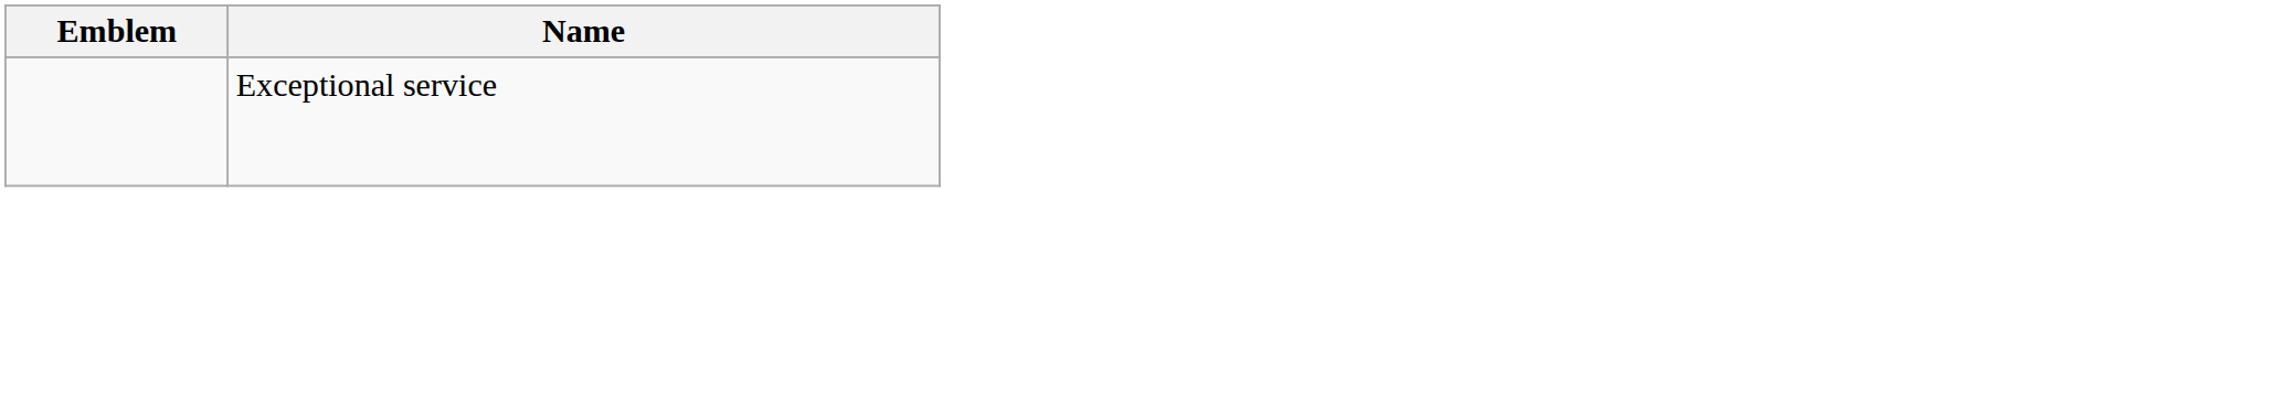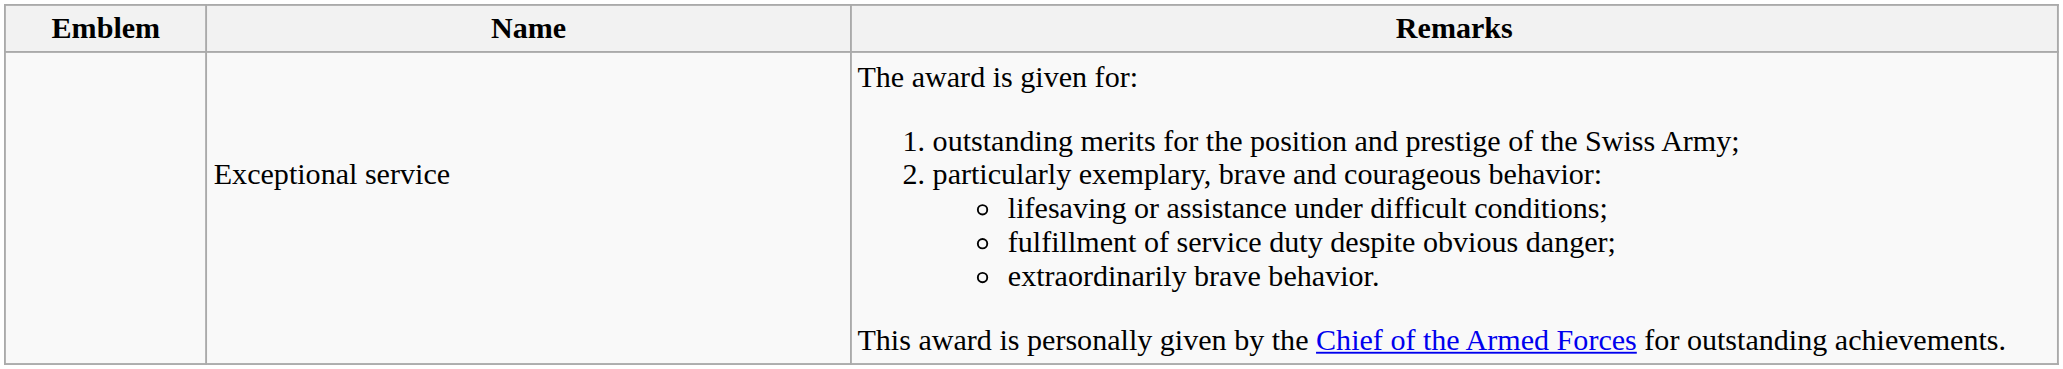 <table class="wikitable">
 <tr>
 <th style="width:100px;">Emblem</th>
 <th style="width:335px;">Name</th>
+<th style="width:635px;">Remarks</th>
 </tr>
 <tr>
 <td></td>
 <td>Exceptional service<br><br><br></td>
+<td>The award is given for:<br><ol><li>outstanding merits for the position and prestige of the Swiss Army;</li><li>particularly exemplary, brave and courageous behavior:<ul><li>lifesaving or assistance under difficult conditions;</li><li>fulfillment of service duty despite obvious danger;</li><li>extraordinarily brave behavior.</li></ul></li></ol>This award is personally given by the <a href='#'>Chief of the Armed Forces</a> for outstanding achievements.</td>
 </tr>
 </table>
